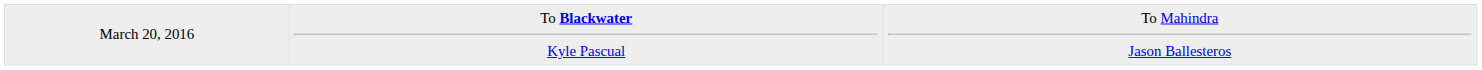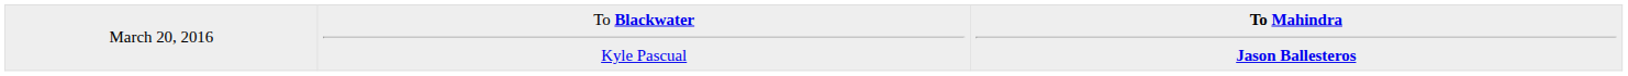 <table border=1 style="border-collapse:collapse; text-align: center; width: 100%" bordercolor="#DFDFDF"  cellpadding="5">
 <tr>
 </tr>
 <tr bgcolor="eeeeee">
 <td style="width:12%">March 20, 2016</td>
 <td style="width:25%" valign="top">To <strong><a href='#'>Blackwater</a></strong><hr><a href='#'>Kyle Pascual</a></td>
-<td style="width:25%" valign="top">To <a href='#'>Mahindra</a><hr><a href='#'>Jason Ballesteros</a></td>
+<td style="width:25%" valign="top"><strong>To <a href='#'>Mahindra</a><hr><a href='#'>Jason Ballesteros</a></strong></td>
 </tr>
 </table>
